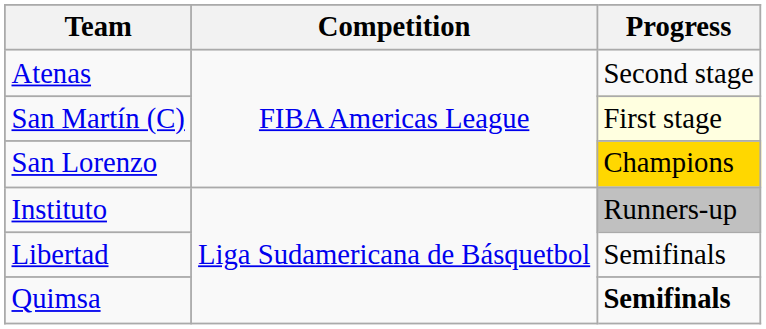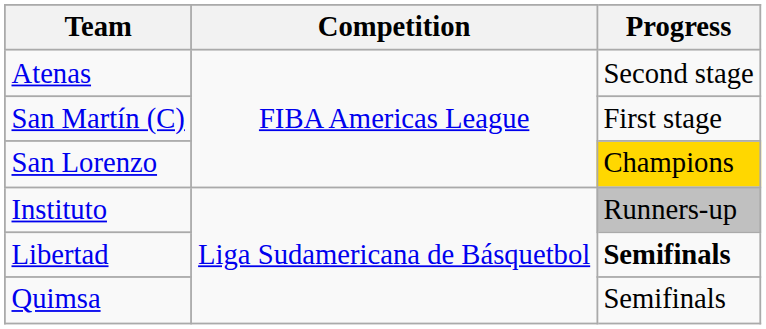 <table class="wikitable">
 <tr>
 <th>Team</th>
 <th>Competition</th>
 <th>Progress</th>
 </tr>
 <tr>
 <td><a href='#'>Atenas</a></td>
 <td rowspan="3" align="center"><a href='#'>FIBA Americas League</a></td>
 <td>Second stage</td>
 </tr>
 <tr>
 <td><a href='#'>San Martín (C)</a></td>
-<td style="background: lightyellow;">First stage</td>
+<td>First stage</td>
 </tr>
 <tr>
 <td><a href='#'>San Lorenzo</a></td>
 <td bgcolor=gold>Champions</td>
 </tr>
 <tr>
 <td><a href='#'>Instituto</a></td>
 <td rowspan=3 align=center><a href='#'>Liga Sudamericana de Básquetbol</a></td>
 <td bgcolor=#C0C0C0>Runners-up</td>
 </tr>
 <tr>
 <td><a href='#'>Libertad</a></td>
-<td>Semifinals</td>
+<td><strong>Semifinals</strong></td>
 </tr>
 <tr>
 <td><a href='#'>Quimsa</a></td>
-<td><strong>Semifinals</strong></td>
+<td>Semifinals</td>
 </tr>
 </table>
